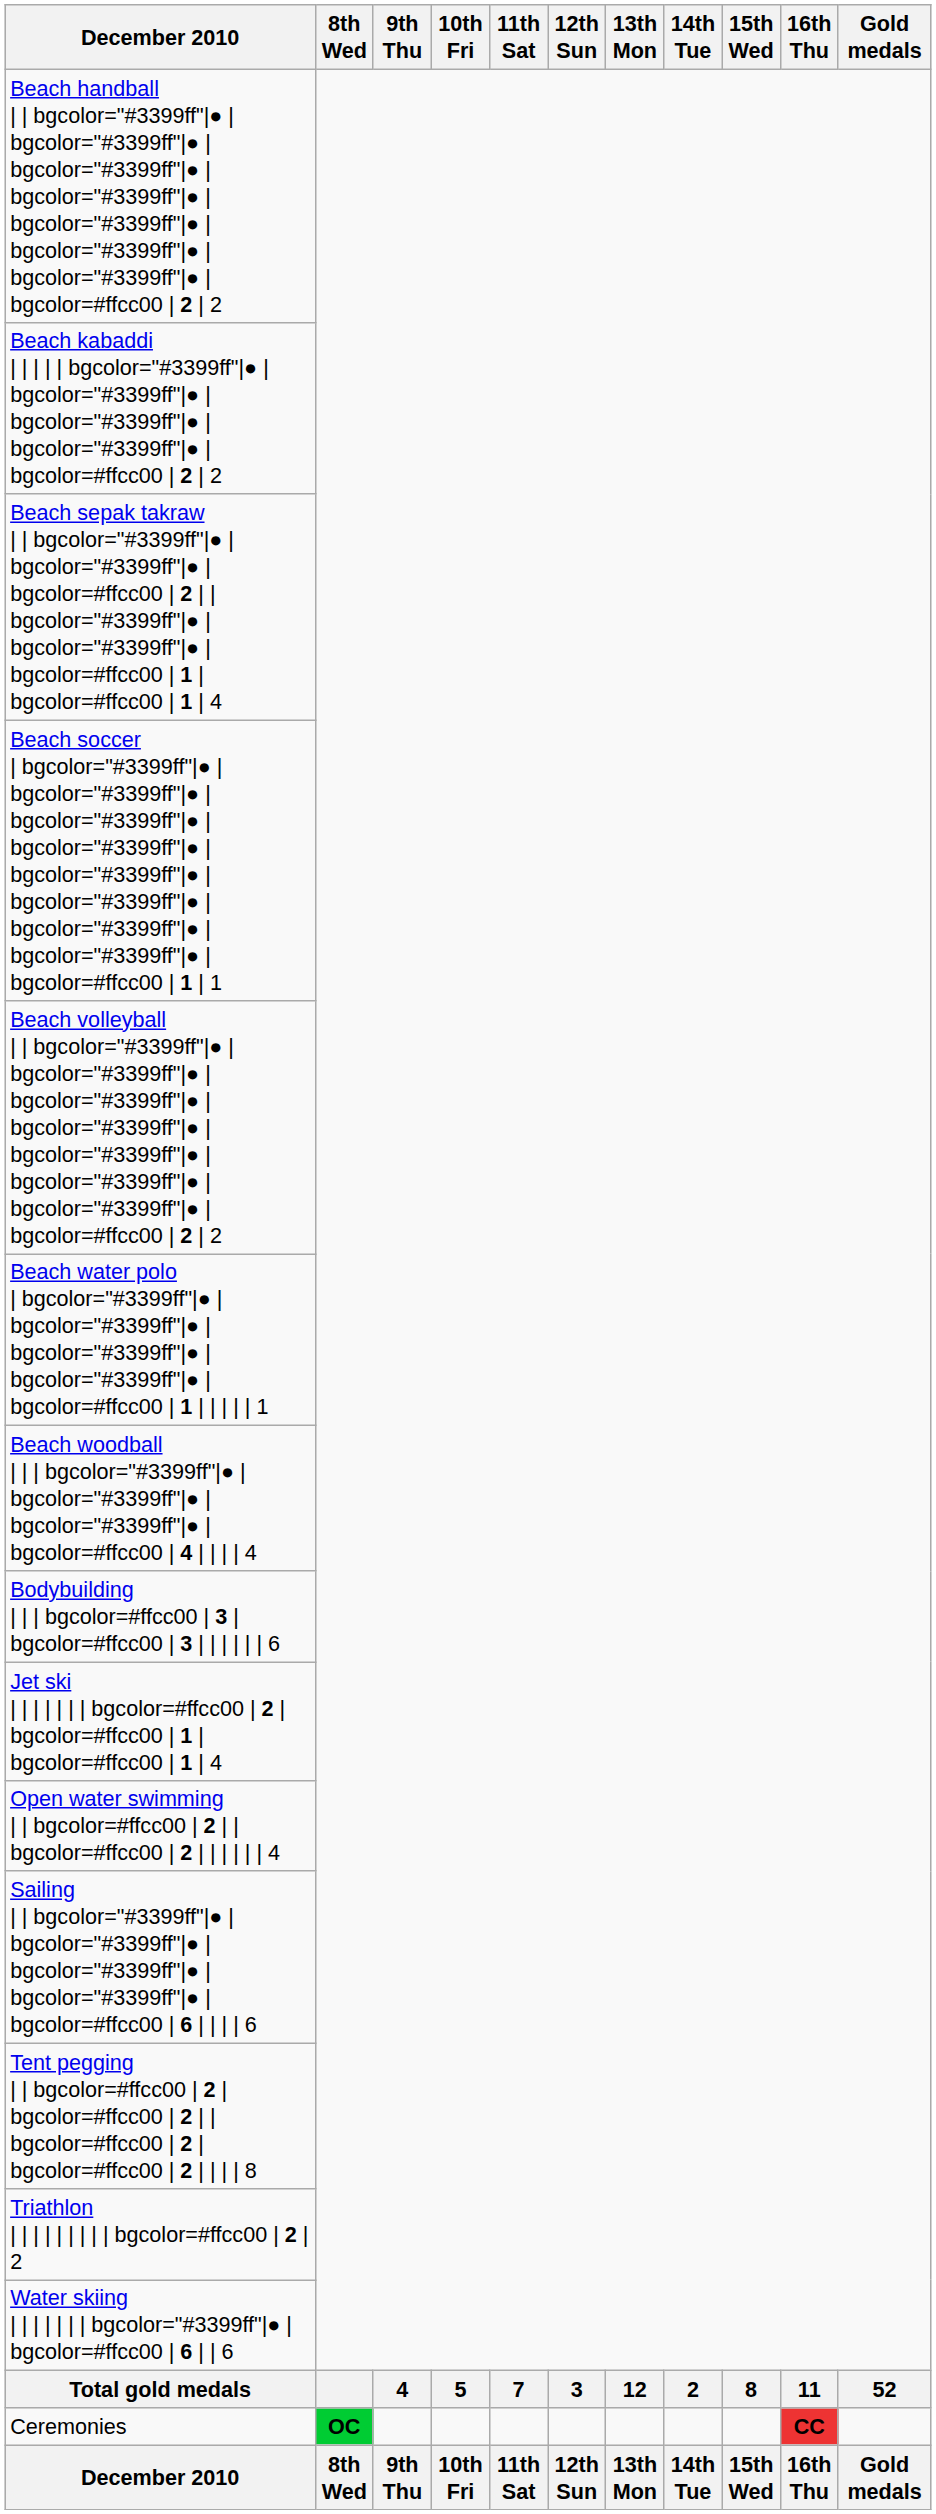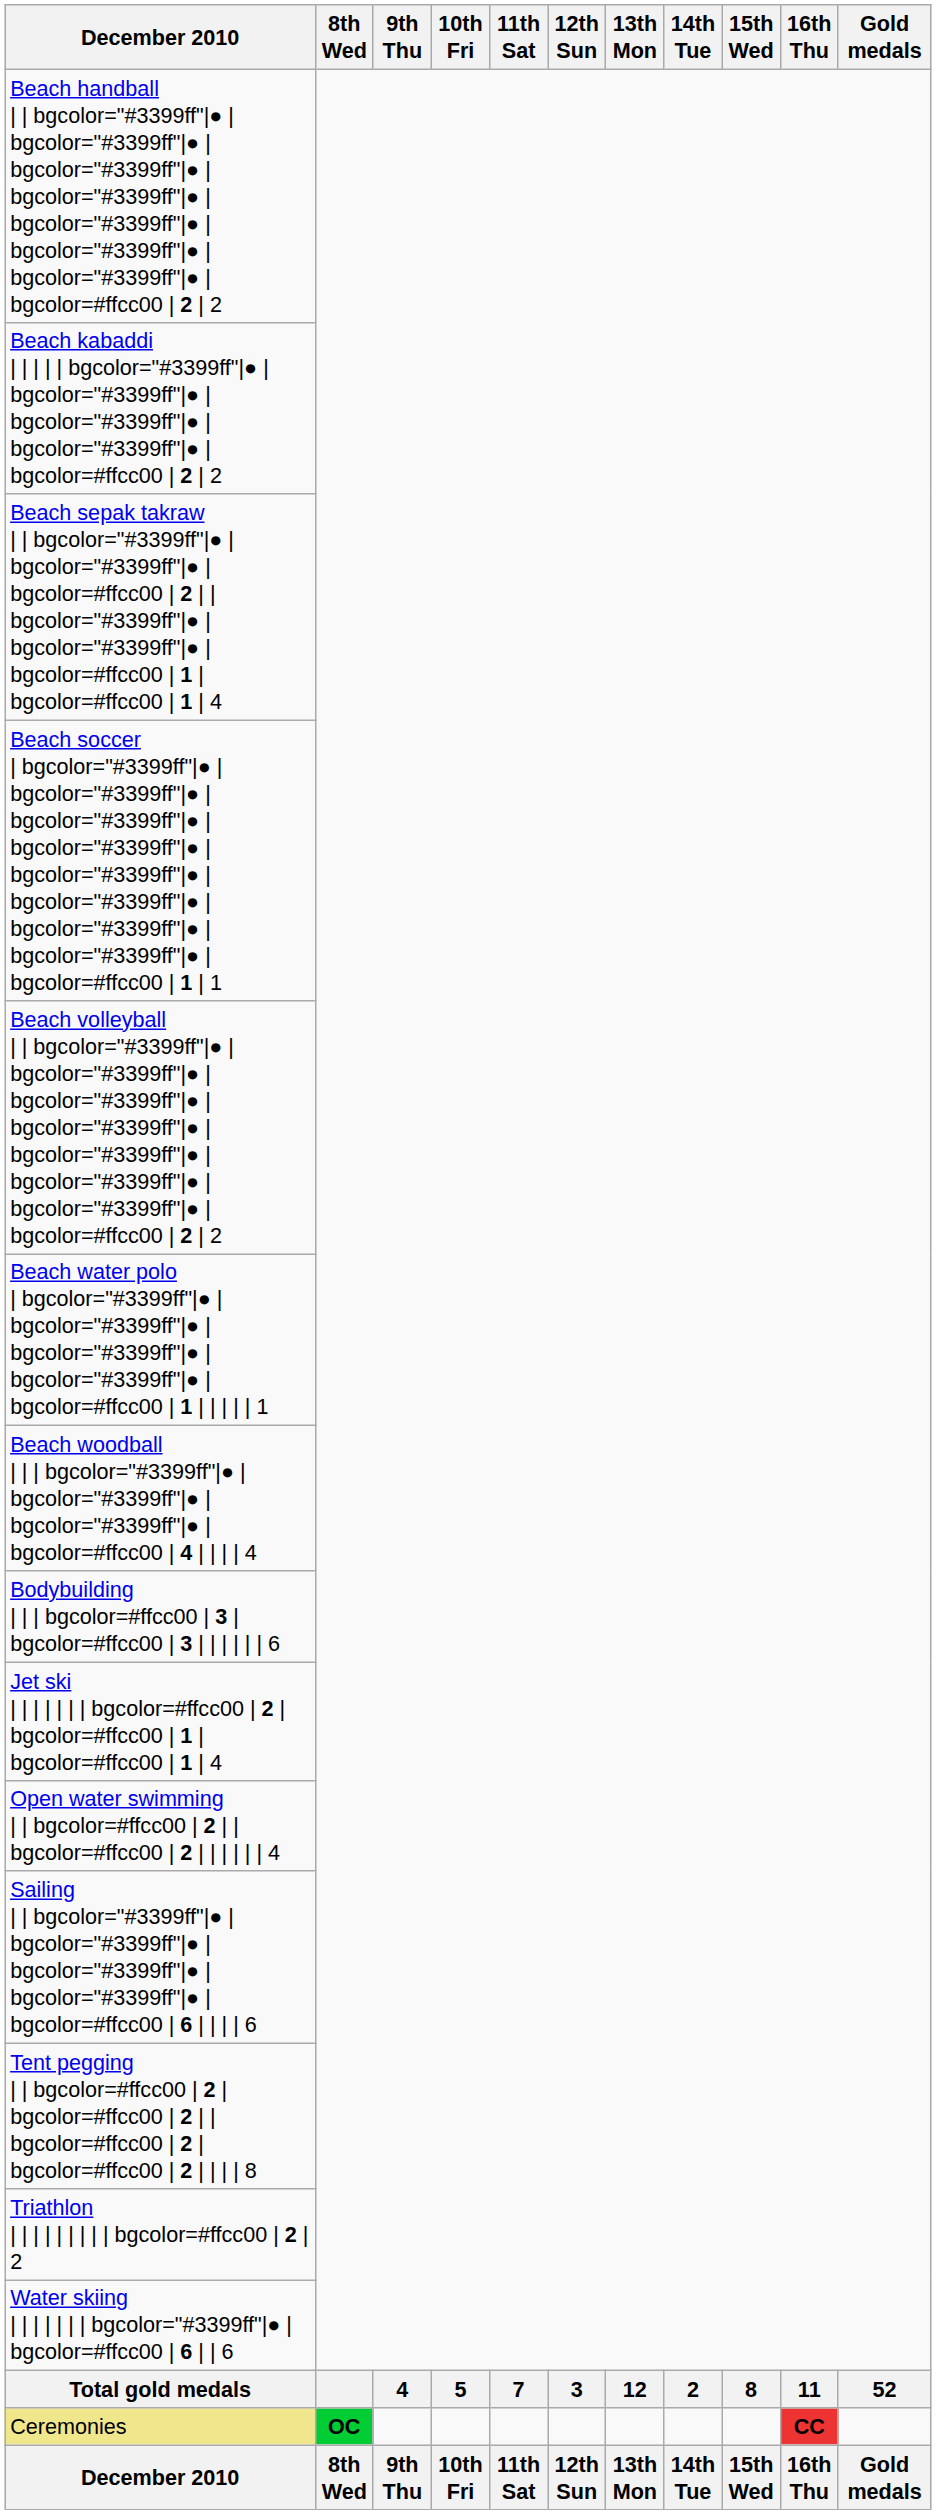 <table class="wikitable" style="margin:0.5em auto; font-size:90%; line-height:1.25em;">
 <tr>
 <th width=200>December 2010</th>
 <th width=32>8th<br>Wed</th>
 <th width=32>9th<br>Thu</th>
 <th width=32>10th<br>Fri</th>
 <th width=32>11th<br>Sat</th>
 <th width=32>12th<br>Sun</th>
 <th width=32>13th<br>Mon</th>
 <th width=32>14th<br>Tue</th>
 <th width=32>15th<br>Wed</th>
 <th width=32>16th<br>Thu</th>
 <th width=55>Gold<br>medals</th>
 </tr>
 <tr align="center">
 <td align="left"> <a href='#'>Beach handball</a><br>|  | bgcolor="#3399ff"|● | bgcolor="#3399ff"|● | bgcolor="#3399ff"|● | bgcolor="#3399ff"|● | bgcolor="#3399ff"|● | bgcolor="#3399ff"|● | bgcolor="#3399ff"|● | bgcolor=#ffcc00 | <strong>2</strong> | 2</td>
 </tr>
 <tr align="center">
 <td align="left"> <a href='#'>Beach kabaddi</a><br>|  |  |  |  | bgcolor="#3399ff"|● | bgcolor="#3399ff"|● | bgcolor="#3399ff"|● | bgcolor="#3399ff"|● | bgcolor=#ffcc00 | <strong>2</strong> | 2</td>
 </tr>
 <tr align="center">
 <td align="left"> <a href='#'>Beach sepak takraw</a><br>|  | bgcolor="#3399ff"|● | bgcolor="#3399ff"|● | bgcolor=#ffcc00 | <strong>2</strong> |  | bgcolor="#3399ff"|● | bgcolor="#3399ff"|● | bgcolor=#ffcc00 | <strong>1</strong> | bgcolor=#ffcc00 | <strong>1</strong> | 4</td>
 </tr>
 <tr align="center">
 <td align="left"> <a href='#'>Beach soccer</a><br>| bgcolor="#3399ff"|● | bgcolor="#3399ff"|● | bgcolor="#3399ff"|● | bgcolor="#3399ff"|● | bgcolor="#3399ff"|● | bgcolor="#3399ff"|● | bgcolor="#3399ff"|● | bgcolor="#3399ff"|● | bgcolor=#ffcc00 | <strong>1</strong> | 1</td>
 </tr>
 <tr align="center">
 <td align="left"> <a href='#'>Beach volleyball</a><br>|  | bgcolor="#3399ff"|● | bgcolor="#3399ff"|●  | bgcolor="#3399ff"|●  | bgcolor="#3399ff"|● | bgcolor="#3399ff"|●  | bgcolor="#3399ff"|●  | bgcolor="#3399ff"|●  | bgcolor=#ffcc00 | <strong>2</strong> | 2</td>
 </tr>
 <tr align="center">
 <td align="left"> <a href='#'>Beach water polo</a><br>| bgcolor="#3399ff"|● | bgcolor="#3399ff"|● | bgcolor="#3399ff"|● | bgcolor="#3399ff"|● | bgcolor=#ffcc00 | <strong>1</strong> |  |  |  |  | 1</td>
 </tr>
 <tr align="center">
 <td align="left"> <a href='#'>Beach woodball</a><br>|  |  | bgcolor="#3399ff"|● | bgcolor="#3399ff"|● | bgcolor="#3399ff"|● | bgcolor=#ffcc00 | <strong>4</strong> |  |  |  | 4</td>
 </tr>
 <tr align="center">
 <td align="left"> <a href='#'>Bodybuilding</a><br>|  |  | bgcolor=#ffcc00 | <strong>3</strong> | bgcolor=#ffcc00 | <strong>3</strong> |  |  |  |  |  | 6</td>
 </tr>
 <tr align="center">
 <td align="left"> <a href='#'>Jet ski</a><br>|  |  |  |  |  |  | bgcolor=#ffcc00 | <strong>2</strong> | bgcolor=#ffcc00 | <strong>1</strong> | bgcolor=#ffcc00 | <strong>1</strong> | 4</td>
 </tr>
 <tr align="center">
 <td align="left"> <a href='#'>Open water swimming</a><br>|   | bgcolor=#ffcc00 | <strong>2</strong> |   | bgcolor=#ffcc00 | <strong>2</strong> |   |  |  |  |  | 4</td>
 </tr>
 <tr align="center">
 <td align="left"> <a href='#'>Sailing</a><br>|  | bgcolor="#3399ff"|● | bgcolor="#3399ff"|● | bgcolor="#3399ff"|● | bgcolor="#3399ff"|● | bgcolor=#ffcc00 | <strong>6</strong> |  |  |  | 6</td>
 </tr>
 <tr align="center">
 <td align="left"> <a href='#'>Tent pegging</a><br>|   | bgcolor=#ffcc00 | <strong>2</strong> | bgcolor=#ffcc00 | <strong>2</strong> |   | bgcolor=#ffcc00 | <strong>2</strong> | bgcolor=#ffcc00 | <strong>2</strong> |  |  |  | 8</td>
 </tr>
 <tr align="center">
 <td align="left"> <a href='#'>Triathlon</a><br>|   |  |   |   |   |  |  |  | bgcolor=#ffcc00 | <strong>2</strong> | 2</td>
 </tr>
 <tr align="center">
 <td align="left"> <a href='#'>Water skiing</a><br>|  |  |  |  |  |  | bgcolor="#3399ff"|● | bgcolor=#ffcc00 | <strong>6</strong> |  | 6</td>
 </tr>
 <tr>
 <th>Total gold medals</th>
 <th></th>
 <th>4</th>
 <th>5</th>
 <th>7</th>
 <th>3</th>
 <th>12</th>
 <th>2</th>
 <th>8</th>
 <th>11</th>
 <th>52</th>
 </tr>
 <tr>
-<td>Ceremonies</td>
+<td style="background: khaki;">Ceremonies</td>
 <td bgcolor=#00cc33 align=center><strong>OC</strong></td>
 <td></td>
 <td></td>
 <td></td>
 <td></td>
 <td></td>
 <td></td>
 <td></td>
 <td bgcolor=#ee3333 align=center><strong>CC</strong></td>
 <td></td>
 </tr>
 <tr>
 <th width=200>December 2010</th>
 <th width=32>8th<br>Wed</th>
 <th width=32>9th<br>Thu</th>
 <th width=32>10th<br>Fri</th>
 <th width=32>11th<br>Sat</th>
 <th width=32>12th<br>Sun</th>
 <th width=32>13th<br>Mon</th>
 <th width=32>14th<br>Tue</th>
 <th width=32>15th<br>Wed</th>
 <th width=32>16th<br>Thu</th>
 <th width=55>Gold<br>medals</th>
 </tr>
 </table>
